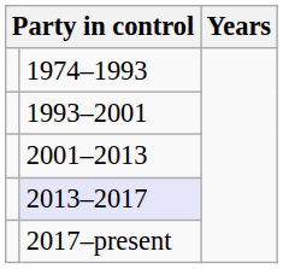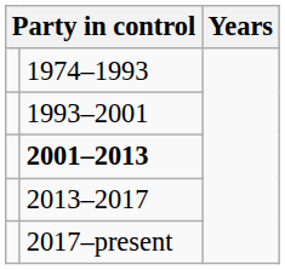 <table class="wikitable">
 <tr>
 <th colspan="2">Party in control</th>
 <th>Years</th>
 </tr>
 <tr>
 <td></td>
 <td>1974–1993</td>
 </tr>
 <tr>
 <td></td>
 <td>1993–2001</td>
 </tr>
 <tr>
 <td></td>
-<td>2001–2013</td>
+<td><strong>2001–2013</strong></td>
 </tr>
 <tr>
 <td></td>
-<td style="background: lavender;">2013–2017</td>
+<td>2013–2017</td>
 </tr>
 <tr>
 <td></td>
 <td>2017–present</td>
 </tr>
 </table>
